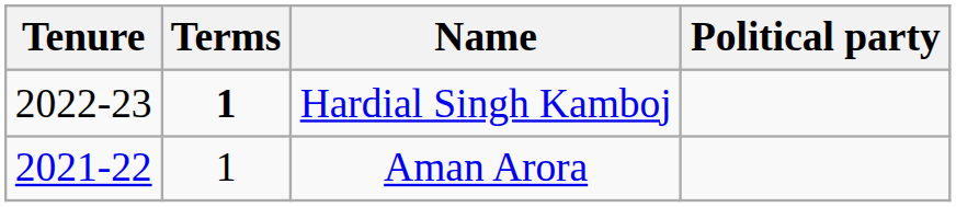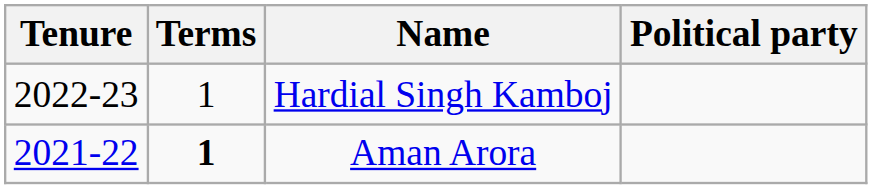 <table class="wikitable sortable">
 <tr>
 <th>Tenure</th>
 <th>Terms</th>
 <th>Name</th>
 <th colspan="2">Political party</th>
 </tr>
 <tr align="center">
 <td>2022-23</td>
-<td><strong>1</strong></td>
+<td>1</td>
 <td><a href='#'>Hardial Singh Kamboj</a></td>
 <td></td>
 </tr>
 <tr align="center">
 <td><a href='#'>2021-22</a></td>
-<td>1</td>
+<td><strong>1</strong></td>
 <td><a href='#'>Aman Arora</a></td>
 <td></td>
 </tr>
 </table>
